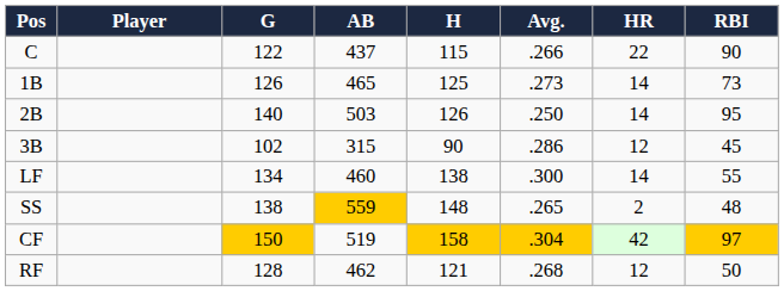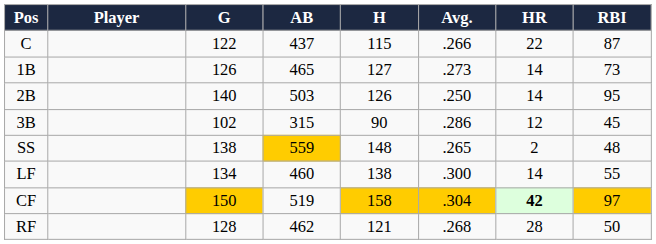 <table class="wikitable sortable">
 <tr>
 <th style="background:#1c2841;color:white;" width="5%">Pos</th>
 <th style="background:#1c2841;color:white;" width="16%">Player</th>
 <th style="background:#1c2841;color:white;" width="9%">G</th>
 <th style="background:#1c2841;color:white;" width="9%">AB</th>
 <th style="background:#1c2841;color:white;" width="9%">H</th>
 <th style="background:#1c2841;color:white;" width="9%">Avg.</th>
 <th style="background:#1c2841;color:white;" width="9%">HR</th>
 <th style="background:#1c2841;color:white;" width="9%">RBI</th>
 </tr>
 <tr align="center">
 <td>C</td>
 <td></td>
 <td>122</td>
 <td>437</td>
 <td>115</td>
 <td>.266</td>
 <td>22</td>
-<td>90</td>
+<td>87</td>
 </tr>
 <tr align="center">
 <td>1B</td>
 <td></td>
 <td>126</td>
 <td>465</td>
-<td>125</td>
+<td>127</td>
 <td>.273</td>
 <td>14</td>
 <td>73</td>
 </tr>
 <tr align="center">
 <td>2B</td>
 <td></td>
 <td>140</td>
 <td>503</td>
 <td>126</td>
 <td>.250</td>
 <td>14</td>
 <td>95</td>
 </tr>
 <tr align="center">
 <td>3B</td>
 <td></td>
 <td>102</td>
 <td>315</td>
 <td>90</td>
 <td>.286</td>
 <td>12</td>
 <td>45</td>
 </tr>
 <tr align="center">
+<td>SS</td>
+<td></td>
+<td>138</td>
+<td style="background:#fc0;">559</td>
+<td>148</td>
+<td>.265</td>
+<td>2</td>
+<td>48</td>
+</tr>
+<tr align="center">
 <td>LF</td>
 <td></td>
 <td>134</td>
 <td>460</td>
 <td>138</td>
 <td>.300</td>
 <td>14</td>
 <td>55</td>
 </tr>
 <tr align="center">
-<td>SS</td>
-<td></td>
-<td>138</td>
-<td style="background:#fc0;">559</td>
-<td>148</td>
-<td>.265</td>
-<td>2</td>
-<td>48</td>
-</tr>
-<tr align="center">
 <td>CF</td>
 <td></td>
 <td style="background:#fc0;">150</td>
 <td>519</td>
 <td style="background:#fc0;">158</td>
 <td style="background:#fc0;">.304</td>
-<td style="background:#DDFFDD;">42</td>
+<td style="background:#DDFFDD;"><strong>42</strong></td>
 <td style="background:#fc0;">97</td>
 </tr>
 <tr align="center">
 <td>RF</td>
 <td></td>
 <td>128</td>
 <td>462</td>
 <td>121</td>
 <td>.268</td>
-<td>12</td>
+<td>28</td>
 <td>50</td>
 </tr>
 </table>
